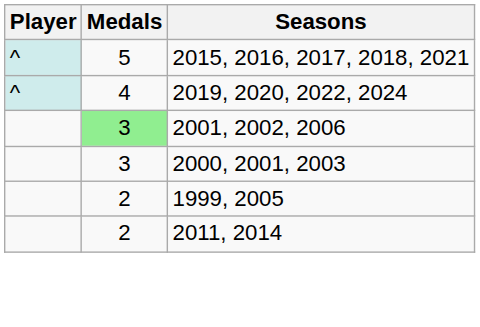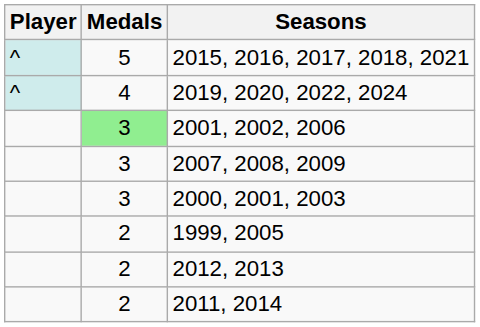 <table class="wikitable sortable">
 <tr>
 <th>Player</th>
 <th>Medals</th>
 <th class="unsortable">Seasons</th>
 </tr>
 <tr>
 <td style="text-align:left; background:#cfecec;">^</td>
 <td style="text-align:center;">5</td>
 <td>2015, 2016, 2017, 2018, 2021</td>
 </tr>
 <tr>
 <td style="text-align:left; background:#cfecec;">^</td>
 <td style="text-align:center;">4</td>
 <td>2019, 2020, 2022, 2024</td>
 </tr>
 <tr>
 <td></td>
 <td style="background: lightgreen; text-align:center;">3</td>
 <td>2001, 2002, 2006</td>
 </tr>
 <tr>
 <td></td>
 <td style="text-align:center;">3</td>
+<td>2007, 2008, 2009</td>
+</tr>
+<tr>
+<td></td>
+<td style="text-align:center;">3</td>
 <td>2000, 2001, 2003</td>
 </tr>
 <tr>
 <td></td>
 <td style="text-align:center;">2</td>
 <td>1999, 2005</td>
 </tr>
 <tr>
+<td></td>
+<td style="text-align:center;">2</td>
+<td>2012, 2013</td>
+</tr>
+<tr>
 <td style="text-align:left;"></td>
 <td style="text-align:center;">2</td>
 <td>2011, 2014</td>
 </tr>
 </table>
